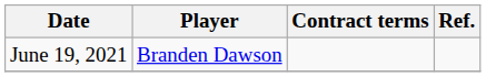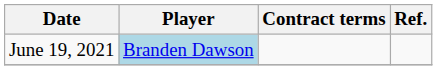 <table class="wikitable">
 <tr>
 <th>Date</th>
 <th>Player</th>
 <th>Contract terms</th>
 <th>Ref.</th>
 </tr>
 <tr>
 <td>June 19, 2021</td>
-<td><a href='#'>Branden Dawson</a></td>
+<td style="background: lightblue;"><a href='#'>Branden Dawson</a></td>
 <td></td>
 <td></td>
 </tr>
 <tr>
 </tr>
 </table>
